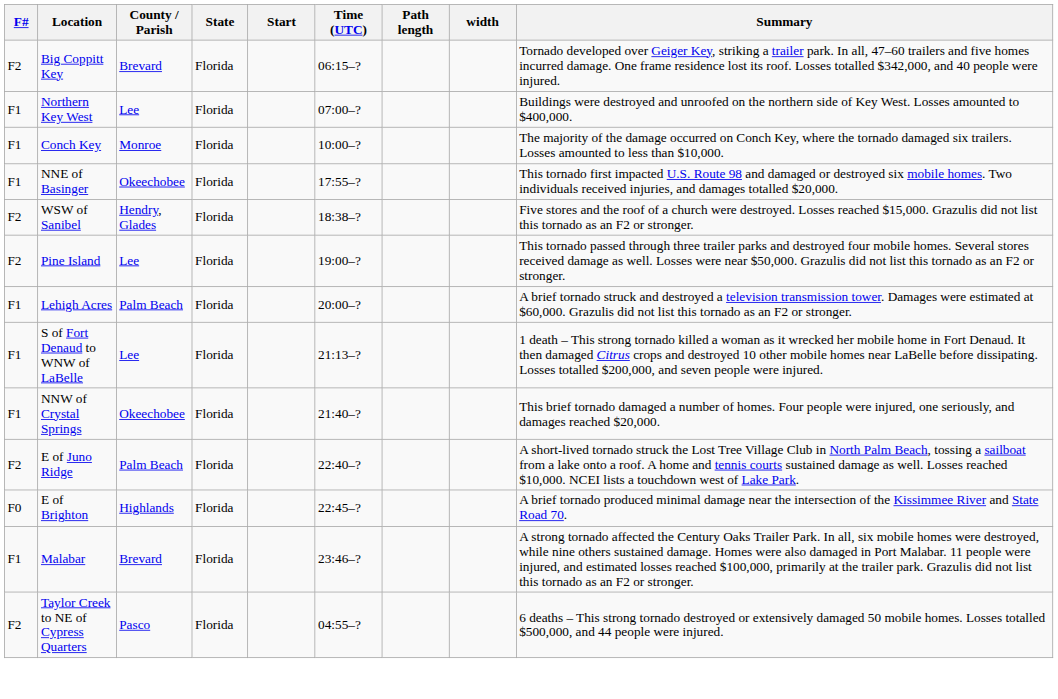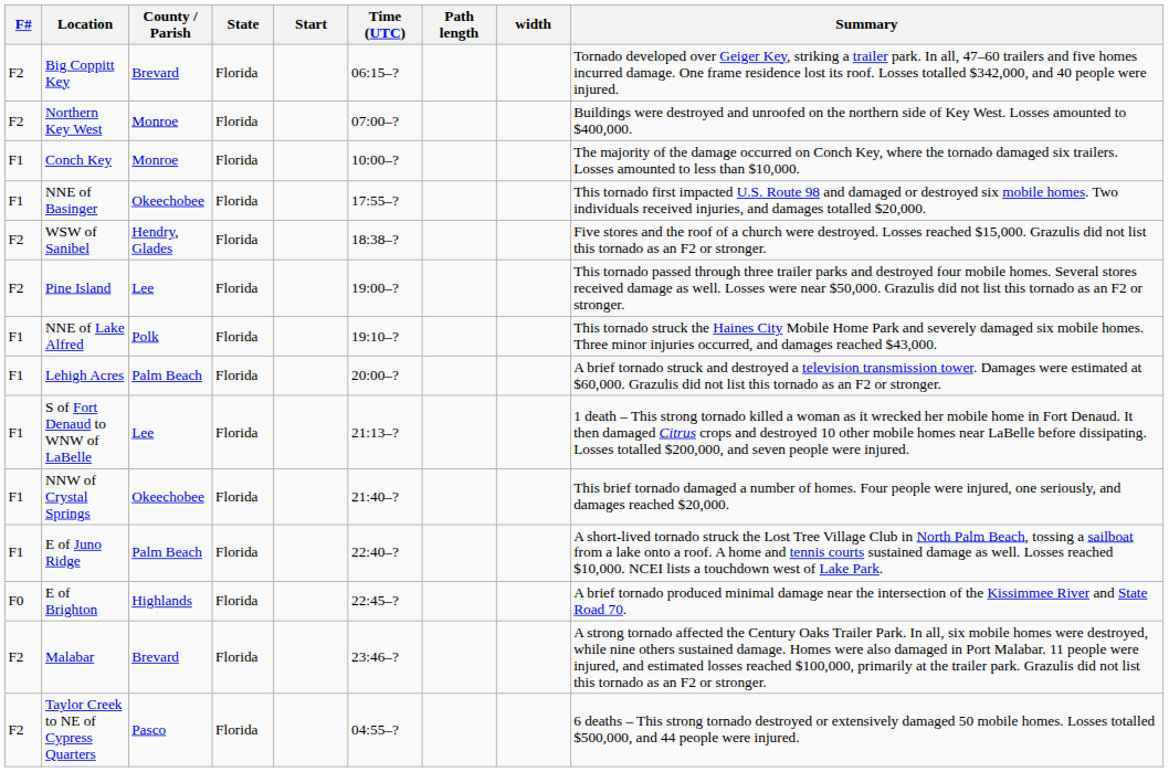 <table class="wikitable sortable" style="width:100%;">
 <tr>
 <th scope="col"  style="width:3%; text-align:center;"><a href='#'>F#</a></th>
 <th scope="col"  style="width:7%; text-align:center;" class="unsortable">Location</th>
 <th scope="col"  style="width:6%; text-align:center;" class="unsortable">County / Parish</th>
 <th scope="col"  style="width:5%; text-align:center;">State</th>
 <th scope="col"  style="width:6%; text-align:center;">Start<br></th>
 <th scope="col"  style="width:6%; text-align:center;">Time (<a href='#'>UTC</a>)</th>
 <th scope="col"  style="width:6%; text-align:center;">Path length</th>
 <th scope="col"  style="width:6%; text-align:center;"> width</th>
 <th scope="col" class="unsortable" style="width:48%; text-align:center;">Summary</th>
 </tr>
 <tr>
 <td>F2</td>
 <td><a href='#'>Big Coppitt Key</a></td>
 <td><a href='#'>Brevard</a></td>
 <td>Florida</td>
 <td></td>
 <td>06:15–?</td>
 <td></td>
 <td></td>
 <td>Tornado developed over <a href='#'>Geiger Key</a>, striking a <a href='#'>trailer</a> park. In all, 47–60 trailers and five homes incurred damage. One frame residence lost its roof. Losses totalled $342,000, and 40 people were injured.</td>
 </tr>
 <tr>
-<td>F1</td>
+<td>F2</td>
 <td><a href='#'>Northern Key West</a></td>
-<td><a href='#'>Lee</a></td>
+<td><a href='#'>Monroe</a></td>
 <td>Florida</td>
 <td></td>
 <td>07:00–?</td>
 <td></td>
 <td></td>
 <td>Buildings were destroyed and unroofed on the northern side of Key West. Losses amounted to $400,000.</td>
 </tr>
 <tr>
 <td>F1</td>
 <td><a href='#'>Conch Key</a></td>
 <td><a href='#'>Monroe</a></td>
 <td>Florida</td>
 <td></td>
 <td>10:00–?</td>
 <td></td>
 <td></td>
 <td>The majority of the damage occurred on Conch Key, where the tornado damaged six trailers. Losses amounted to less than $10,000.</td>
 </tr>
 <tr>
 <td>F1</td>
 <td>NNE of <a href='#'>Basinger</a></td>
 <td><a href='#'>Okeechobee</a></td>
 <td>Florida</td>
 <td></td>
 <td>17:55–?</td>
 <td></td>
 <td></td>
 <td>This tornado first impacted <a href='#'>U.S. Route 98</a> and damaged or destroyed six <a href='#'>mobile homes</a>. Two individuals received injuries, and damages totalled $20,000.</td>
 </tr>
 <tr>
 <td>F2</td>
 <td>WSW of <a href='#'>Sanibel</a></td>
 <td><a href='#'>Hendry</a>, <a href='#'>Glades</a></td>
 <td>Florida</td>
 <td></td>
 <td>18:38–?</td>
 <td></td>
 <td></td>
 <td>Five stores and the roof of a church were destroyed. Losses reached $15,000. Grazulis did not list this tornado as an F2 or stronger.</td>
 </tr>
 <tr>
 <td>F2</td>
 <td><a href='#'>Pine Island</a></td>
 <td><a href='#'>Lee</a></td>
 <td>Florida</td>
 <td></td>
 <td>19:00–?</td>
 <td></td>
 <td></td>
 <td>This tornado passed through three trailer parks and destroyed four mobile homes. Several stores received damage as well. Losses were near $50,000. Grazulis did not list this tornado as an F2 or stronger.</td>
 </tr>
 <tr>
 <td>F1</td>
+<td>NNE of <a href='#'>Lake Alfred</a></td>
+<td><a href='#'>Polk</a></td>
+<td>Florida</td>
+<td></td>
+<td>19:10–?</td>
+<td></td>
+<td></td>
+<td>This tornado struck the <a href='#'>Haines City</a> Mobile Home Park and severely damaged six mobile homes. Three minor injuries occurred, and damages reached $43,000.</td>
+</tr>
+<tr>
+<td>F1</td>
 <td><a href='#'>Lehigh Acres</a></td>
 <td><a href='#'>Palm Beach</a></td>
 <td>Florida</td>
 <td></td>
 <td>20:00–?</td>
 <td></td>
 <td></td>
 <td>A brief tornado struck and destroyed a <a href='#'>television transmission tower</a>. Damages were estimated at $60,000. Grazulis did not list this tornado as an F2 or stronger.</td>
 </tr>
 <tr>
 <td>F1</td>
 <td>S of <a href='#'>Fort Denaud</a> to WNW of <a href='#'>LaBelle</a></td>
 <td><a href='#'>Lee</a></td>
 <td>Florida</td>
 <td></td>
 <td>21:13–?</td>
 <td></td>
 <td></td>
 <td>1 death – This strong tornado killed a woman as it wrecked her mobile home in Fort Denaud. It then damaged <em><a href='#'>Citrus</a></em> crops and destroyed 10 other mobile homes near LaBelle before dissipating. Losses totalled $200,000, and seven people were injured.</td>
 </tr>
 <tr>
 <td>F1</td>
 <td>NNW of <a href='#'>Crystal Springs</a></td>
 <td><a href='#'>Okeechobee</a></td>
 <td>Florida</td>
 <td></td>
 <td>21:40–?</td>
 <td></td>
 <td></td>
 <td>This brief tornado damaged a number of homes. Four people were injured, one seriously, and damages reached $20,000.</td>
 </tr>
 <tr>
-<td>F2</td>
+<td>F1</td>
 <td>E of <a href='#'>Juno Ridge</a></td>
 <td><a href='#'>Palm Beach</a></td>
 <td>Florida</td>
 <td></td>
 <td>22:40–?</td>
 <td></td>
 <td></td>
 <td>A short-lived tornado struck the Lost Tree Village Club in <a href='#'>North Palm Beach</a>, tossing a <a href='#'>sailboat</a> from a lake onto a roof. A home and <a href='#'>tennis courts</a> sustained damage as well. Losses reached $10,000. NCEI lists a touchdown west of <a href='#'>Lake Park</a>.</td>
 </tr>
 <tr>
 <td>F0</td>
 <td>E of <a href='#'>Brighton</a></td>
 <td><a href='#'>Highlands</a></td>
 <td>Florida</td>
 <td></td>
 <td>22:45–?</td>
 <td></td>
 <td></td>
 <td>A brief tornado produced minimal damage near the intersection of the <a href='#'>Kissimmee River</a> and <a href='#'>State Road 70</a>.</td>
 </tr>
 <tr>
-<td>F1</td>
+<td>F2</td>
 <td><a href='#'>Malabar</a></td>
 <td><a href='#'>Brevard</a></td>
 <td>Florida</td>
 <td></td>
 <td>23:46–?</td>
 <td></td>
 <td></td>
 <td>A strong tornado affected the Century Oaks Trailer Park. In all, six mobile homes were destroyed, while nine others sustained damage. Homes were also damaged in Port Malabar. 11 people were injured, and estimated losses reached $100,000, primarily at the trailer park. Grazulis did not list this tornado as an F2 or stronger.</td>
 </tr>
 <tr>
 <td>F2</td>
 <td><a href='#'>Taylor Creek</a> to NE of <a href='#'>Cypress Quarters</a></td>
 <td><a href='#'>Pasco</a></td>
 <td>Florida</td>
 <td></td>
 <td>04:55–?</td>
 <td></td>
 <td></td>
 <td>6 deaths – This strong tornado destroyed or extensively damaged 50 mobile homes. Losses totalled $500,000, and 44 people were injured.</td>
 </tr>
 </table>
